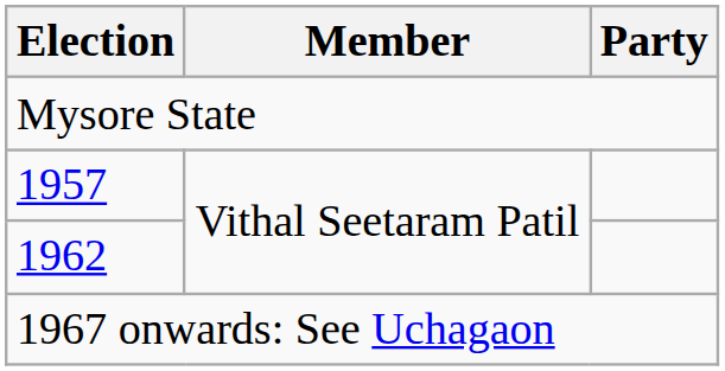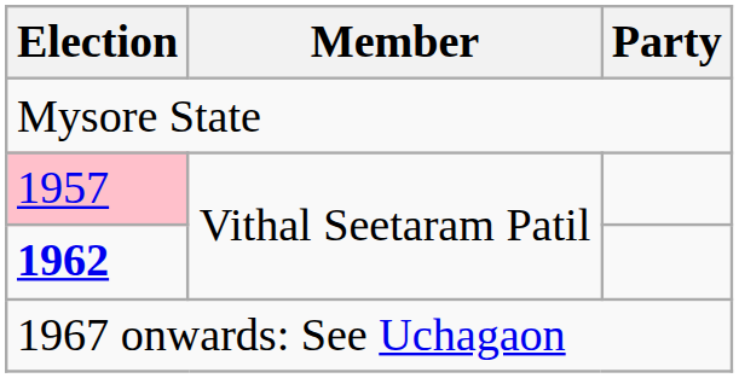 <table class="wikitable sortable">
 <tr>
 <th>Election</th>
 <th>Member</th>
 <th colspan=2>Party</th>
 </tr>
 <tr>
 <td colspan=4>Mysore State</td>
 </tr>
 <tr>
-<td><a href='#'>1957</a></td>
+<td style="background: pink;"><a href='#'>1957</a></td>
 <td rowspan=2>Vithal Seetaram Patil</td>
 <td></td>
 </tr>
 <tr>
-<td><a href='#'>1962</a></td>
+<td><strong><a href='#'>1962</a></strong></td>
 <td></td>
 </tr>
 <tr>
 <td colspan=4>1967 onwards: See <a href='#'>Uchagaon</a></td>
 </tr>
 </table>
